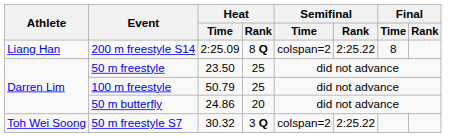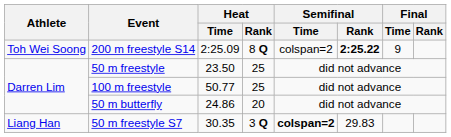 <table class=wikitable style=font-size:90%>
 <tr>
 <th rowspan=2>Athlete</th>
 <th rowspan=2>Event</th>
 <th colspan=2>Heat</th>
 <th colspan=2>Semifinal</th>
 <th colspan=2>Final</th>
 </tr>
 <tr style=font-size:95%>
 <th>Time</th>
 <th>Rank</th>
 <th>Time</th>
 <th>Rank</th>
 <th>Time</th>
 <th>Rank</th>
 </tr>
 <tr align=center>
-<td align=left><a href='#'>Liang Han</a></td>
+<td align=left><a href='#'>Toh Wei Soong</a></td>
 <td align=left><a href='#'>200 m freestyle S14</a></td>
 <td>2:25.09</td>
 <td>8 <strong>Q</strong></td>
 <td>colspan=2 </td>
-<td>2:25.22</td>
-<td>8</td>
+<td><strong>2:25.22</strong></td>
+<td>9</td>
 </tr>
 <tr align=center>
 <td align=left rowspan=3><a href='#'>Darren Lim</a></td>
 <td align=left><a href='#'>50 m freestyle</a></td>
 <td>23.50</td>
 <td>25</td>
 <td colspan=4>did not advance</td>
 </tr>
 <tr align=center>
 <td align=left><a href='#'>100 m freestyle</a></td>
-<td>50.79</td>
+<td>50.77</td>
 <td>25</td>
 <td Colspan=4>did not advance</td>
 </tr>
 <tr align=center>
 <td align=left><a href='#'>50 m butterfly</a></td>
 <td>24.86</td>
 <td>20</td>
 <td colspan=4>did not advance</td>
 </tr>
 <tr align=center>
-<td align=left><a href='#'>Toh Wei Soong</a></td>
+<td align=left><a href='#'>Liang Han</a></td>
 <td align=left><a href='#'>50 m freestyle S7</a></td>
-<td>30.32</td>
+<td>30.35</td>
 <td>3 <strong>Q</strong></td>
-<td>colspan=2 </td>
-<td>2:25.22</td>
+<td><strong>colspan=2 </strong></td>
+<td>29.83</td>
 <td></td>
 </tr>
 </table>
